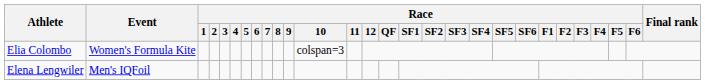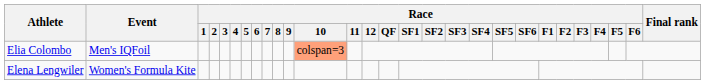 <table class="wikitable" style="font-size:90%">
 <tr>
 <th rowspan="2">Athlete</th>
 <th rowspan="2">Event</th>
 <th colspan=25>Race</th>
 <th rowspan=2>Final rank</th>
 </tr>
 <tr style="font-size:95%">
 <th>1</th>
 <th>2</th>
 <th>3</th>
 <th>4</th>
 <th>5</th>
 <th>6</th>
 <th>7</th>
 <th>8</th>
 <th>9</th>
 <th>10</th>
 <th>11</th>
 <th>12</th>
 <th>QF</th>
 <th>SF1</th>
 <th>SF2</th>
 <th>SF3</th>
 <th>SF4</th>
 <th>SF5</th>
 <th>SF6</th>
 <th>F1</th>
 <th>F2</th>
 <th>F3</th>
 <th>F4</th>
 <th>F5</th>
 <th>F6</th>
 </tr>
 <tr align=center>
 <td align=left><a href='#'>Elia Colombo</a></td>
-<td align=left><a href='#'>Women's Formula Kite</a></td>
+<td align=left><a href='#'>Men's IQFoil</a></td>
 <td></td>
 <td></td>
 <td></td>
 <td></td>
 <td></td>
 <td></td>
 <td></td>
 <td></td>
 <td></td>
-<td>colspan=3 </td>
+<td style="background: lightsalmon;">colspan=3 </td>
 <td></td>
 <td colspan=6></td>
 <td colspan=6></td>
 <td></td>
 </tr>
 <tr align=center>
 <td align=left><a href='#'>Elena Lengwiler</a></td>
-<td align=left><a href='#'>Men's IQFoil</a></td>
+<td align=left><a href='#'>Women's Formula Kite</a></td>
 <td></td>
 <td></td>
 <td></td>
 <td></td>
 <td></td>
 <td></td>
 <td></td>
 <td></td>
 <td></td>
 <td></td>
 <td></td>
 <td></td>
 <td></td>
 <td colspan=6></td>
 <td colspan=6></td>
 <td></td>
 </tr>
 </table>
